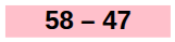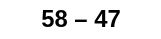 <table style="text-align:center">
 <tr>
 <th width=200></th>
 <th width=100></th>
 <th width=200></th>
 </tr>
 <tr>
 <td align=right><strong></strong></td>
-<td style="background: pink;"><strong>58 – 47</strong></td>
+<td><strong>58 – 47</strong></td>
 <td align=left></td>
 </tr>
 </table>
